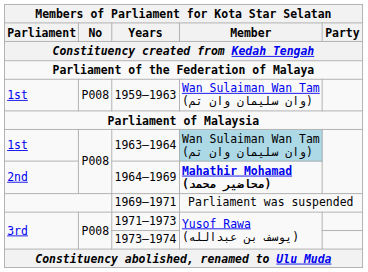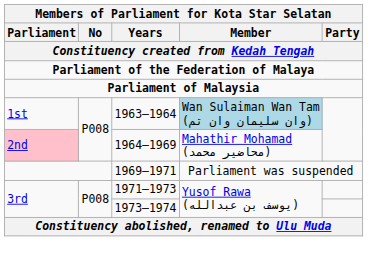 <table class=wikitable>
 <tr>
 <th colspan="5">Members of Parliament for Kota Star Selatan</th>
 </tr>
 <tr>
 <th>Parliament</th>
 <th>No</th>
 <th>Years</th>
 <th>Member</th>
 <th>Party</th>
 </tr>
 <tr>
 <th colspan="5" align="center"><em>Constituency created from <a href='#'>Kedah Tengah</a></em></th>
 </tr>
 <tr>
 <td colspan="5" align="center"><strong>Parliament of the Federation of Malaya</strong></td>
 </tr>
 <tr>
-<td><a href='#'>1st</a></td>
-<td>P008</td>
-<td>1959–1963</td>
-<td><a href='#'>Wan Sulaiman Wan Tam</a>  <br> (وان سليمان وان تم)</td>
-<td></td>
-</tr>
-<tr>
 <td colspan="5" align="center"><strong>Parliament of Malaysia</strong></td>
 </tr>
 <tr>
 <td><a href='#'>1st</a></td>
 <td rowspan="2">P008</td>
 <td>1963–1964</td>
 <td style="background: lightblue;">Wan Sulaiman Wan Tam <br>  (وان سليمان وان تم)</td>
 <td rowspan=2></td>
 </tr>
 <tr>
-<td><a href='#'>2nd</a></td>
+<td style="background: pink;"><a href='#'>2nd</a></td>
 <td>1964–1969</td>
-<td><strong><a href='#'>Mahathir Mohamad</a> <br>  (محاضير محمد)</strong></td>
+<td><a href='#'>Mahathir Mohamad</a> <br>  (محاضير محمد)</td>
 </tr>
 <tr>
 <td colspan="2"></td>
 <td>1969–1971</td>
 <td colspan="2" align="center">Parliament was suspended</td>
 </tr>
 <tr>
 <td rowspan=2><a href='#'>3rd</a></td>
 <td rowspan="2">P008</td>
 <td>1971–1973</td>
 <td rowspan="2"><a href='#'>Yusof Rawa</a> <br>  (يوسف بن عبدالله)</td>
 <td></td>
 </tr>
 <tr>
 <td>1973–1974</td>
 <td></td>
 </tr>
 <tr>
 <th colspan="5" align="center"><em>Constituency abolished, renamed to <a href='#'>Ulu Muda</a></em></th>
 </tr>
 </table>
